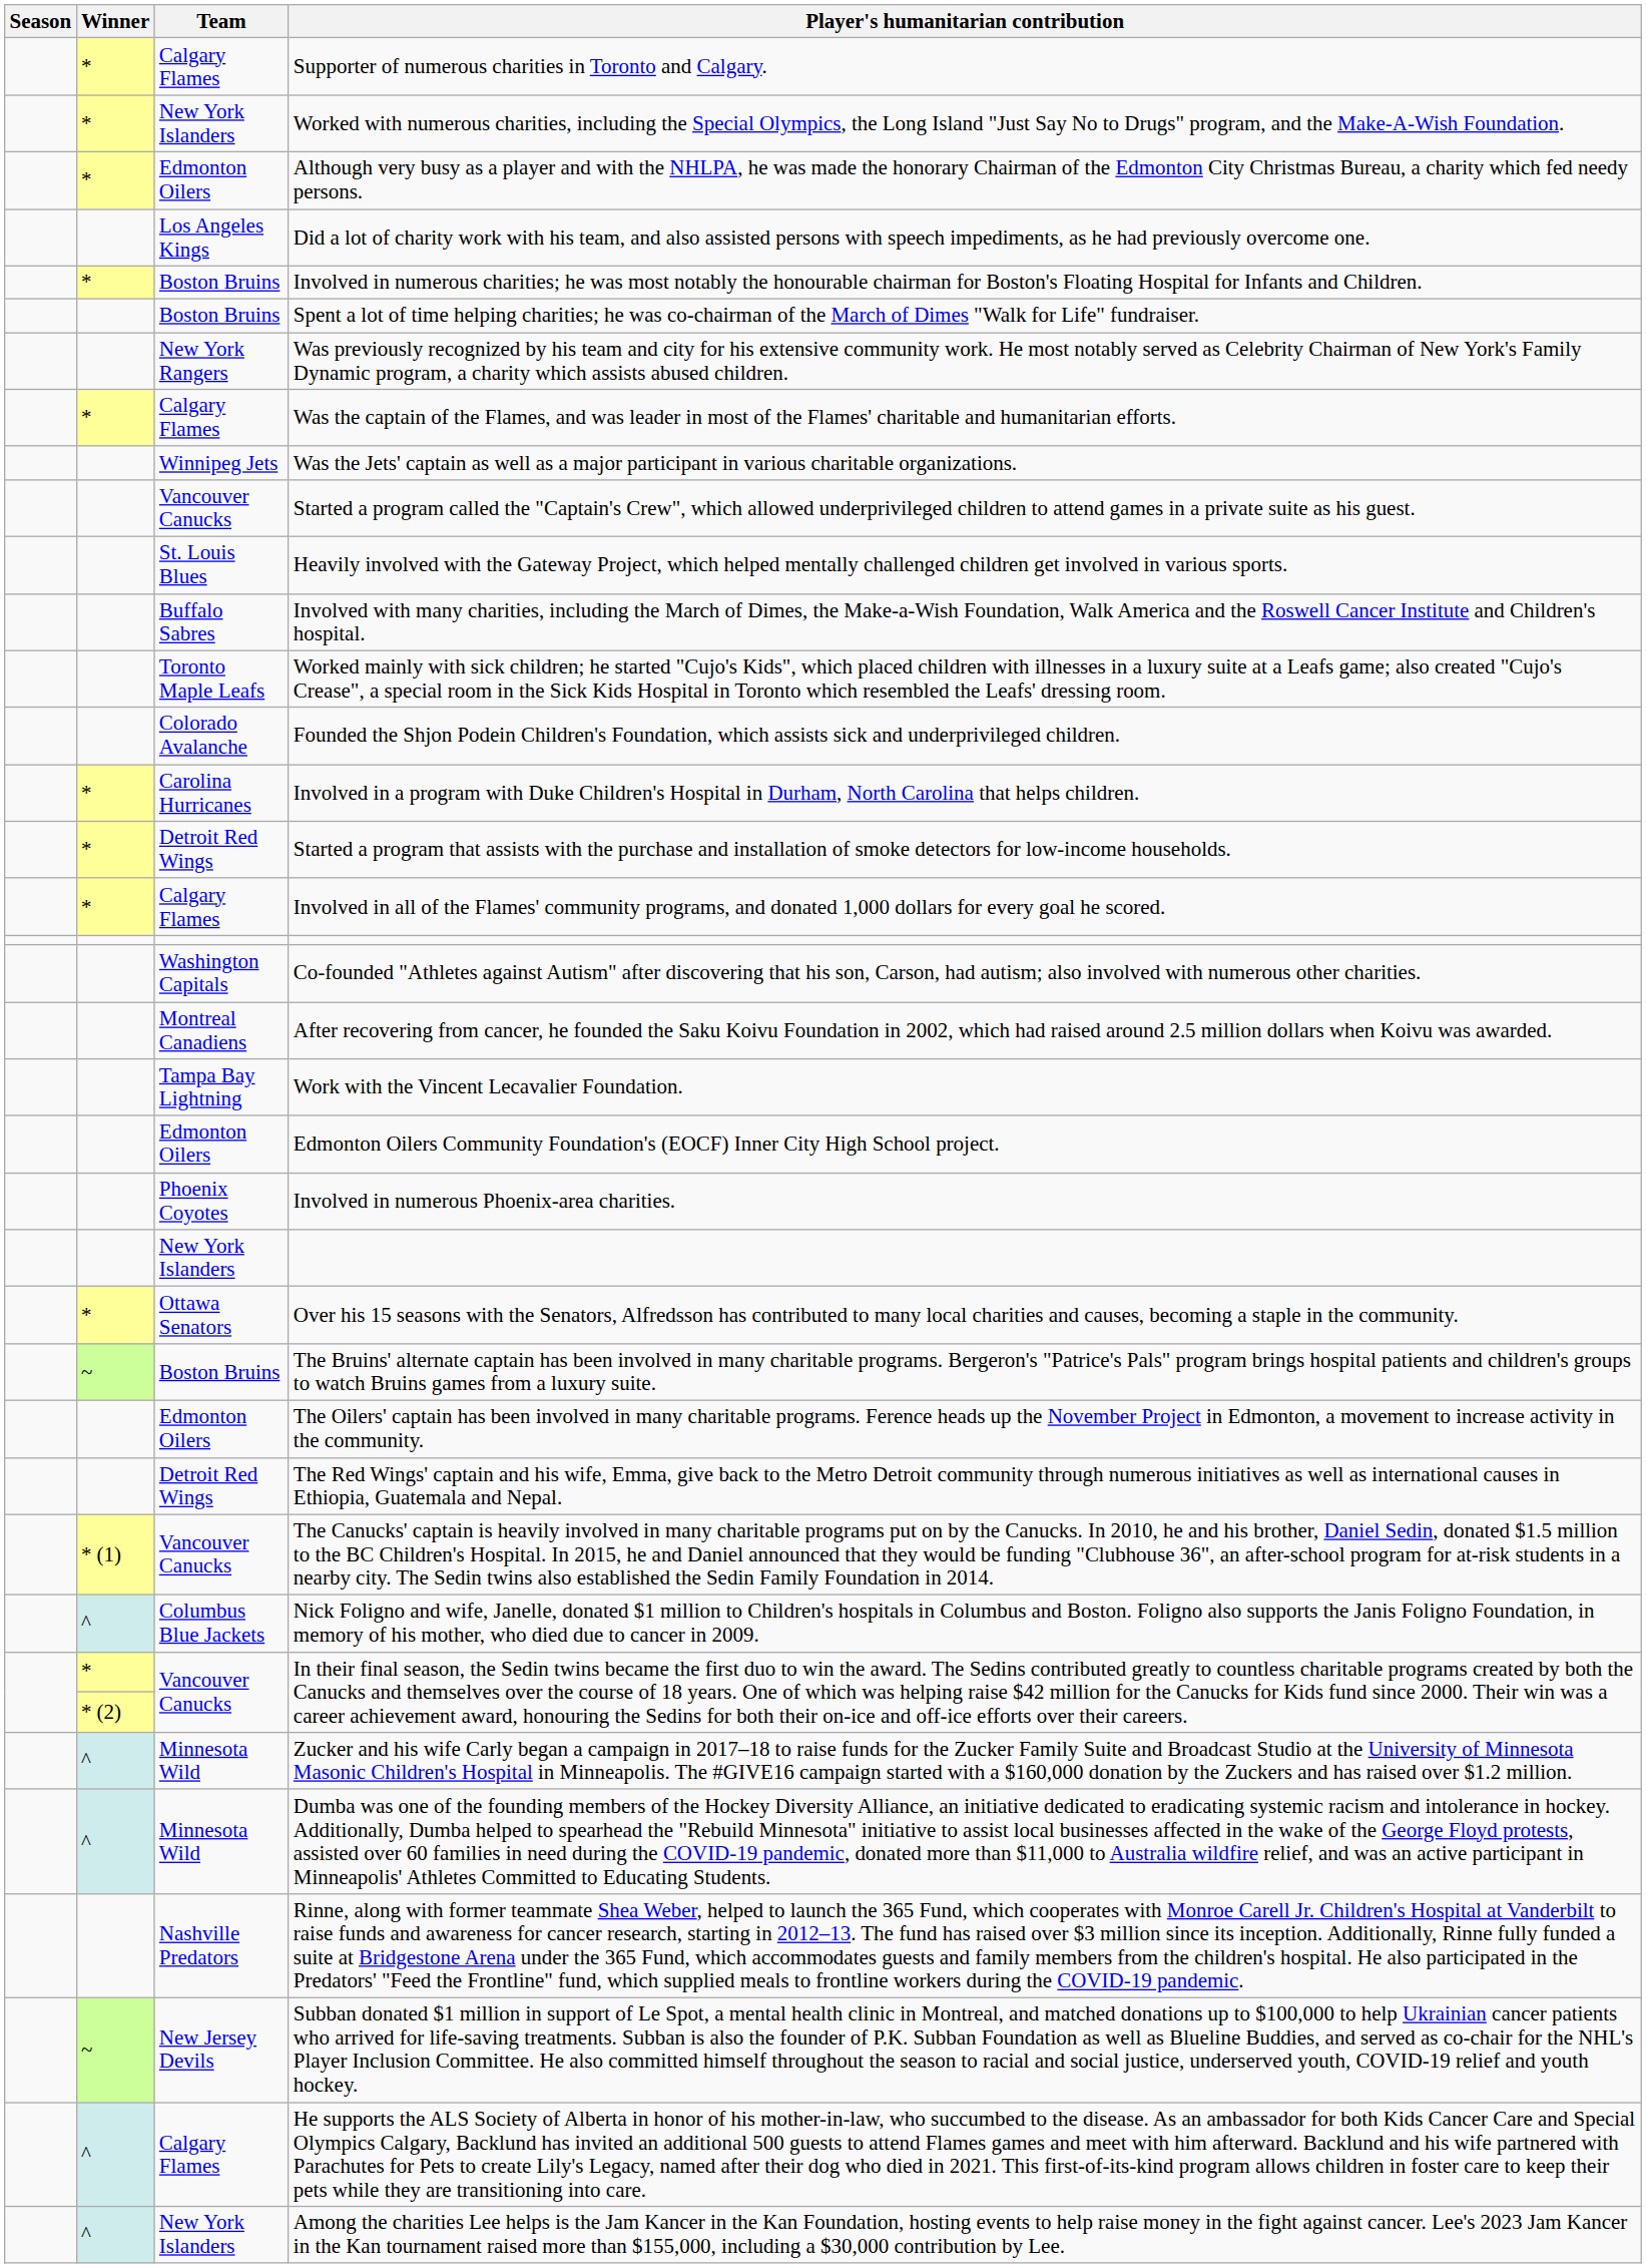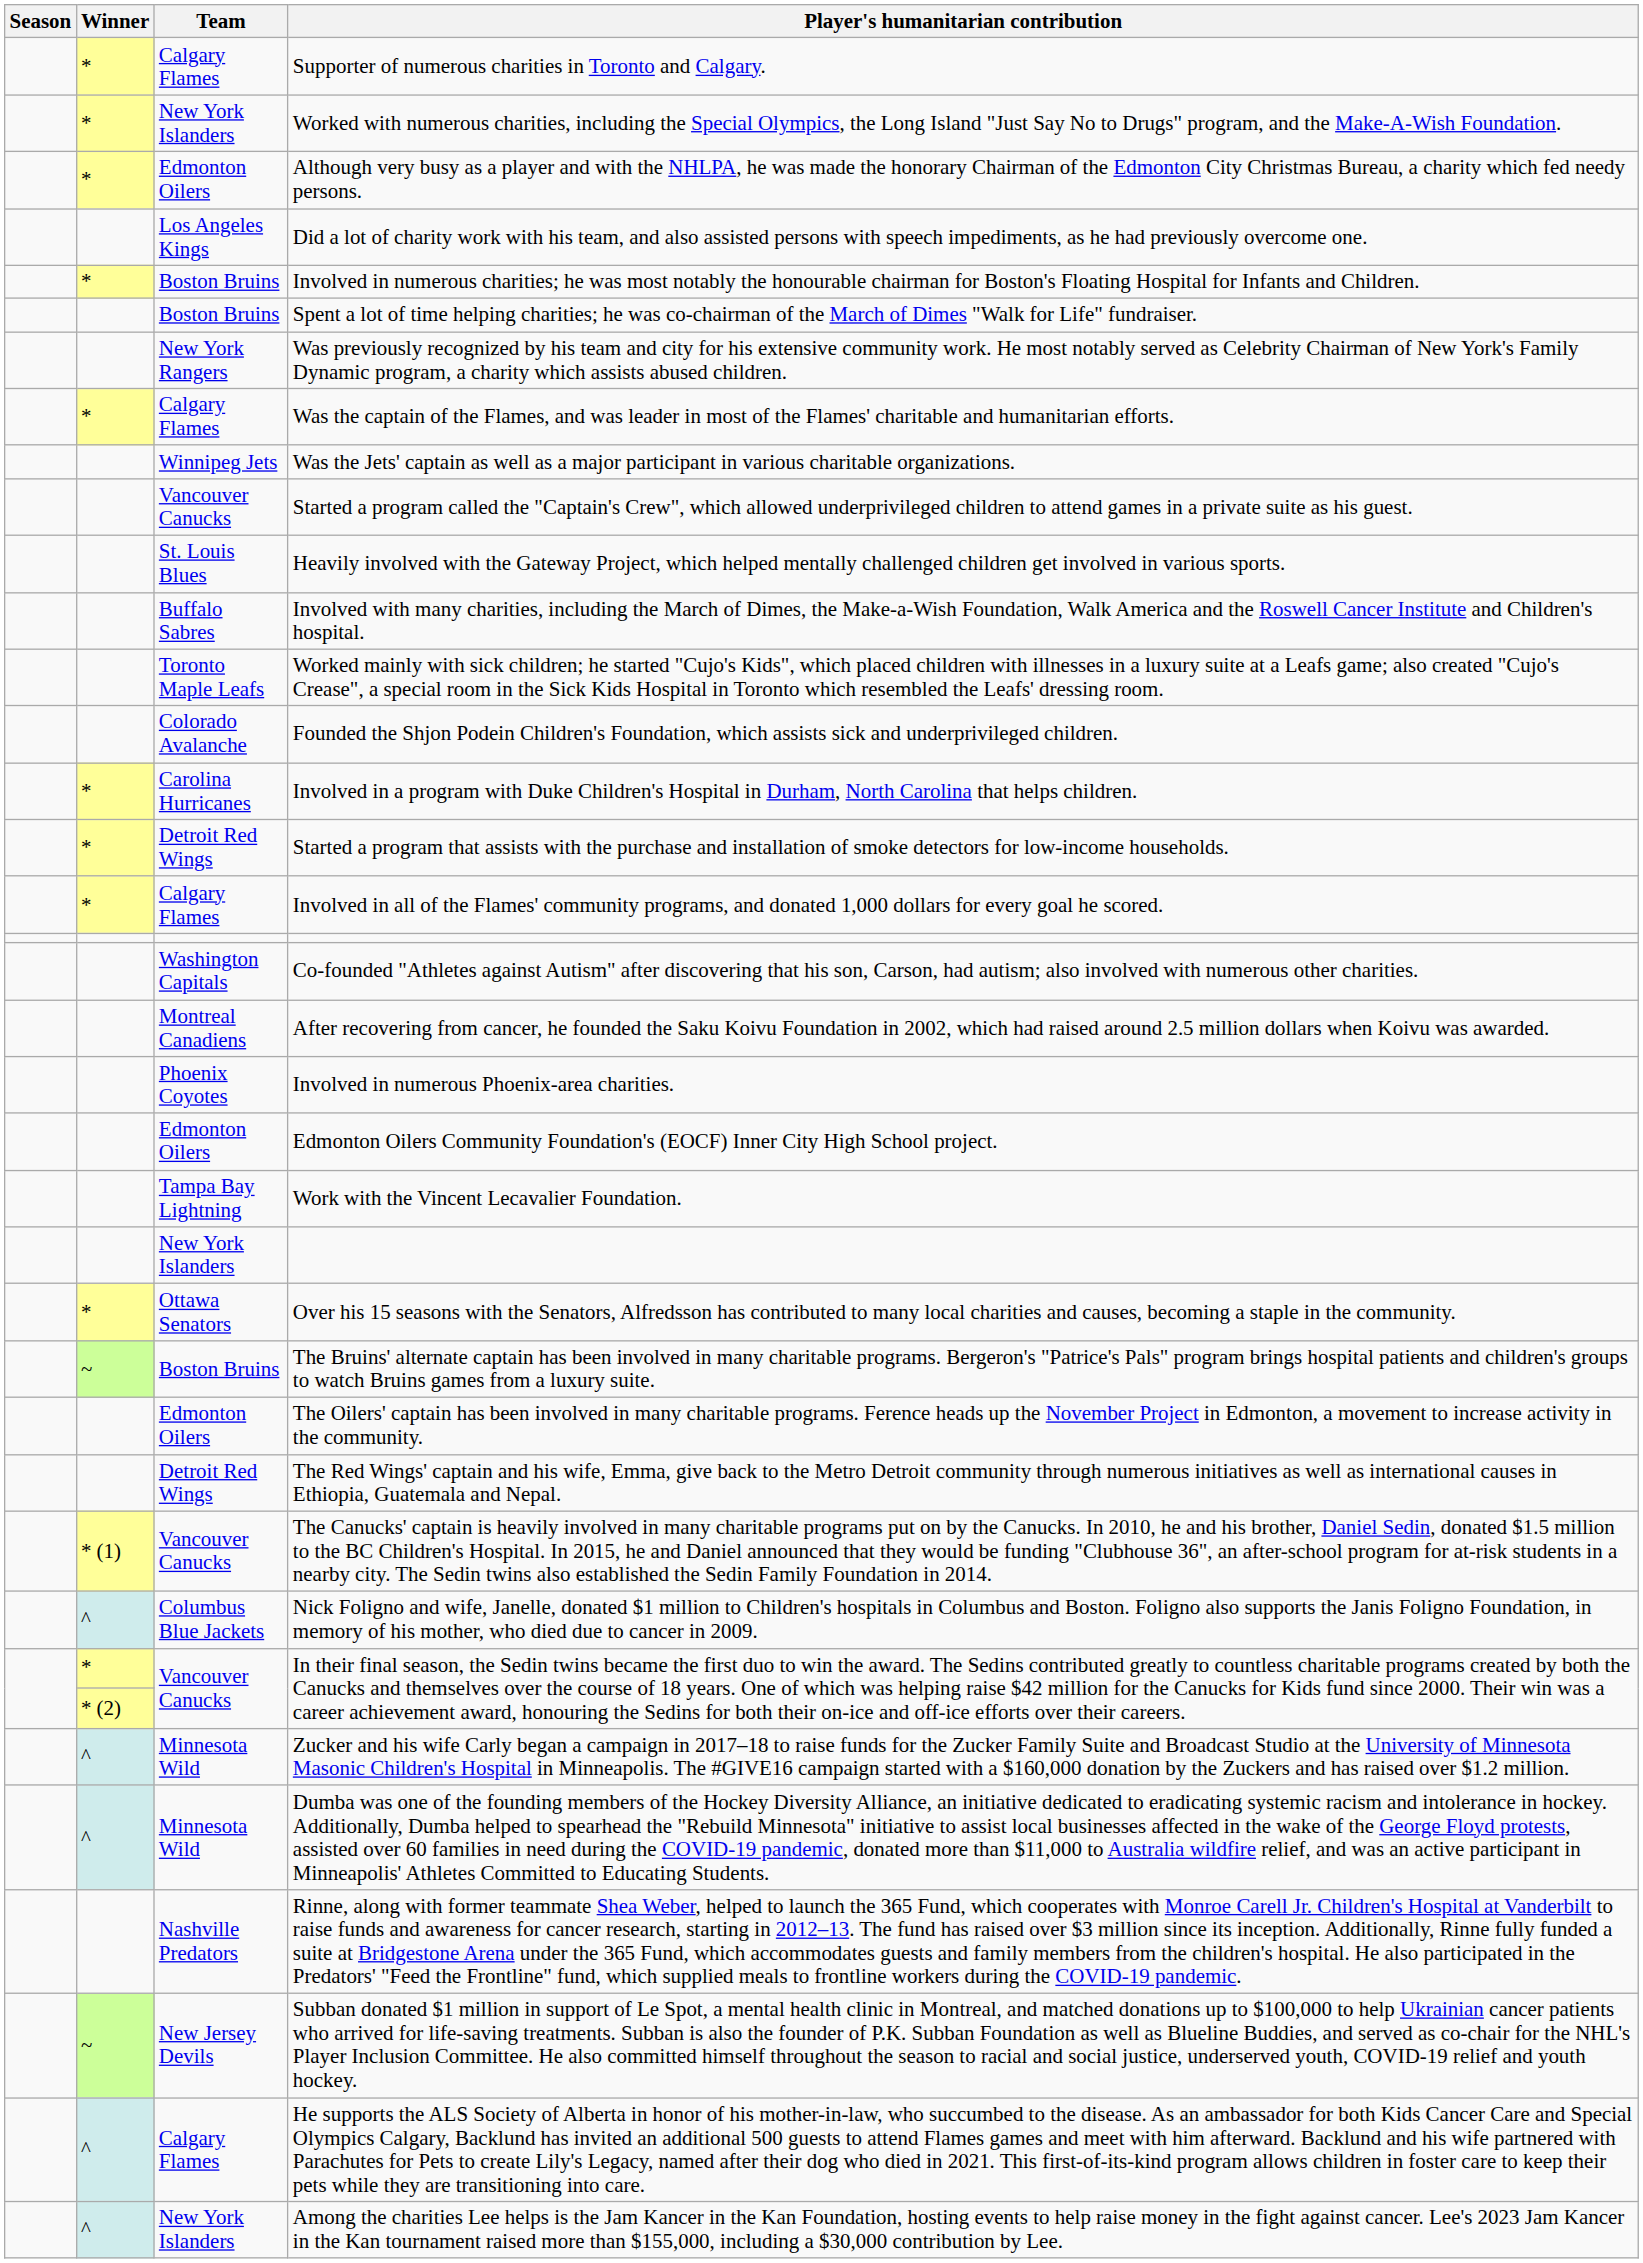 <table class="wikitable sortable">
 <tr>
 <th scope="col">Season</th>
 <th scope="col">Winner</th>
 <th scope="col">Team</th>
 <th scope="col" class="unsortable">Player's humanitarian contribution</th>
 </tr>
 <tr>
 <td></td>
 <td style="background-color:#FFFF99">*</td>
 <td><a href='#'>Calgary Flames</a></td>
 <td>Supporter of numerous charities in <a href='#'>Toronto</a> and <a href='#'>Calgary</a>.</td>
 </tr>
 <tr>
 <td></td>
 <td style="background-color:#FFFF99">*</td>
 <td><a href='#'>New York Islanders</a></td>
 <td>Worked with numerous charities, including the <a href='#'>Special Olympics</a>, the Long Island "Just Say No to Drugs" program, and the <a href='#'>Make-A-Wish Foundation</a>.</td>
 </tr>
 <tr>
 <td></td>
 <td style="background-color:#FFFF99">*</td>
 <td><a href='#'>Edmonton Oilers</a></td>
 <td>Although very busy as a player and with the <a href='#'>NHLPA</a>, he was made the honorary Chairman of the <a href='#'>Edmonton</a> City Christmas Bureau, a charity which fed needy persons.</td>
 </tr>
 <tr>
 <td></td>
 <td></td>
 <td><a href='#'>Los Angeles Kings</a></td>
 <td>Did a lot of charity work with his team, and also assisted persons with speech impediments, as he had previously overcome one.</td>
 </tr>
 <tr>
 <td></td>
 <td style="background-color:#FFFF99">*</td>
 <td><a href='#'>Boston Bruins</a></td>
 <td>Involved in numerous charities; he was most notably the honourable chairman for Boston's Floating Hospital for Infants and Children.</td>
 </tr>
 <tr>
 <td></td>
 <td></td>
 <td><a href='#'>Boston Bruins</a></td>
 <td>Spent a lot of time helping charities; he was co-chairman of the <a href='#'>March of Dimes</a> "Walk for Life" fundraiser.</td>
 </tr>
 <tr>
 <td></td>
 <td></td>
 <td><a href='#'>New York Rangers</a></td>
 <td>Was previously recognized by his team and city for his extensive community work. He most notably served as Celebrity Chairman of New York's Family Dynamic program, a charity which assists abused children.</td>
 </tr>
 <tr>
 <td></td>
 <td style="background-color:#FFFF99">*</td>
 <td><a href='#'>Calgary Flames</a></td>
 <td>Was the captain of the Flames, and was leader in most of the Flames' charitable and humanitarian efforts.</td>
 </tr>
 <tr>
 <td></td>
 <td></td>
 <td><a href='#'>Winnipeg Jets</a></td>
 <td>Was the Jets' captain as well as a major participant in various charitable organizations.</td>
 </tr>
 <tr>
 <td></td>
 <td></td>
 <td><a href='#'>Vancouver Canucks</a></td>
 <td>Started a program called the "Captain's Crew", which allowed underprivileged children to attend games in a private suite as his guest.</td>
 </tr>
 <tr>
 <td></td>
 <td></td>
 <td><a href='#'>St. Louis Blues</a></td>
 <td>Heavily involved with the Gateway Project, which helped mentally challenged children get involved in various sports.</td>
 </tr>
 <tr>
 <td></td>
 <td></td>
 <td><a href='#'>Buffalo Sabres</a></td>
 <td>Involved with many charities, including the March of Dimes, the Make-a-Wish Foundation, Walk America and the <a href='#'>Roswell Cancer Institute</a> and Children's hospital.</td>
 </tr>
 <tr>
 <td></td>
 <td></td>
 <td><a href='#'>Toronto Maple Leafs</a></td>
 <td>Worked mainly with sick children; he started "Cujo's Kids", which placed children with illnesses in a luxury suite at a Leafs game; also created "Cujo's Crease", a special room in the Sick Kids Hospital in Toronto which resembled the Leafs' dressing room.</td>
 </tr>
 <tr>
 <td></td>
 <td></td>
 <td><a href='#'>Colorado Avalanche</a></td>
 <td>Founded the Shjon Podein Children's Foundation, which assists sick and underprivileged children.</td>
 </tr>
 <tr>
 <td></td>
 <td style="background-color:#FFFF99">*</td>
 <td><a href='#'>Carolina Hurricanes</a></td>
 <td>Involved in a program with Duke Children's Hospital in <a href='#'>Durham</a>, <a href='#'>North Carolina</a> that helps children.</td>
 </tr>
 <tr>
 <td></td>
 <td style="background-color:#FFFF99">*</td>
 <td><a href='#'>Detroit Red Wings</a></td>
 <td>Started a program that assists with the purchase and installation of smoke detectors for low-income households.</td>
 </tr>
 <tr>
 <td></td>
 <td style="background-color:#FFFF99">*</td>
 <td><a href='#'>Calgary Flames</a></td>
 <td>Involved in all of the Flames' community programs, and donated 1,000 dollars for every goal he scored.</td>
 </tr>
 <tr>
 <td></td>
 <td></td>
 <td></td>
 <td></td>
 </tr>
 <tr>
 <td></td>
 <td></td>
 <td><a href='#'>Washington Capitals</a></td>
 <td>Co-founded "Athletes against Autism" after discovering that his son, Carson, had autism; also involved with numerous other charities.</td>
 </tr>
 <tr>
 <td></td>
 <td></td>
 <td><a href='#'>Montreal Canadiens</a></td>
 <td>After recovering from cancer, he founded the Saku Koivu Foundation in 2002, which had raised around 2.5 million dollars when Koivu was awarded.</td>
 </tr>
 <tr>
 <td></td>
 <td></td>
-<td><a href='#'>Tampa Bay Lightning</a></td>
-<td>Work with the Vincent Lecavalier Foundation.</td>
+<td><a href='#'>Phoenix Coyotes</a></td>
+<td>Involved in numerous Phoenix-area charities.</td>
 </tr>
 <tr>
 <td></td>
 <td></td>
 <td><a href='#'>Edmonton Oilers</a></td>
 <td>Edmonton Oilers Community Foundation's (EOCF) Inner City High School project.</td>
 </tr>
 <tr>
 <td></td>
 <td></td>
-<td><a href='#'>Phoenix Coyotes</a></td>
-<td>Involved in numerous Phoenix-area charities.</td>
+<td><a href='#'>Tampa Bay Lightning</a></td>
+<td>Work with the Vincent Lecavalier Foundation.</td>
 </tr>
 <tr>
 <td></td>
 <td></td>
 <td><a href='#'>New York Islanders</a></td>
 <td></td>
 </tr>
 <tr>
 <td></td>
 <td style="background-color:#FFFF99">*</td>
 <td><a href='#'>Ottawa Senators</a></td>
 <td>Over his 15 seasons with the Senators, Alfredsson has contributed to many local charities and causes, becoming a staple in the community.</td>
 </tr>
 <tr>
 <td></td>
 <td style="background-color:#CCFF99">~</td>
 <td><a href='#'>Boston Bruins</a></td>
 <td>The Bruins' alternate captain has been involved in many charitable programs. Bergeron's "Patrice's Pals" program brings hospital patients and children's groups to watch Bruins games from a luxury suite.</td>
 </tr>
 <tr>
 <td></td>
 <td></td>
 <td><a href='#'>Edmonton Oilers</a></td>
 <td>The Oilers' captain has been involved in many charitable programs. Ference heads up the <a href='#'>November Project</a> in Edmonton, a movement to increase activity in the community.</td>
 </tr>
 <tr>
 <td></td>
 <td></td>
 <td><a href='#'>Detroit Red Wings</a></td>
 <td>The Red Wings' captain and his wife, Emma, give back to the Metro Detroit community through numerous initiatives as well as international causes in Ethiopia, Guatemala and Nepal.</td>
 </tr>
 <tr>
 <td></td>
 <td style="background-color:#FFFF99">* (1)</td>
 <td><a href='#'>Vancouver Canucks</a></td>
 <td>The Canucks' captain is heavily involved in many charitable programs put on by the Canucks. In 2010, he and his brother, <a href='#'>Daniel Sedin</a>, donated $1.5 million to the BC Children's Hospital. In 2015, he and Daniel announced that they would be funding "Clubhouse 36", an after-school program for at-risk students in a nearby city. The Sedin twins also established the Sedin Family Foundation in 2014.</td>
 </tr>
 <tr>
 <td></td>
 <td style="background-color:#CFECEC">^</td>
 <td><a href='#'>Columbus Blue Jackets</a></td>
 <td>Nick Foligno and wife, Janelle, donated $1 million to Children's hospitals in Columbus and Boston. Foligno also supports the Janis Foligno Foundation, in memory of his mother, who died due to cancer in 2009.</td>
 </tr>
 <tr>
 <td rowspan=2></td>
 <td style="background-color:#FFFF99">*</td>
 <td rowspan=2><a href='#'>Vancouver Canucks</a></td>
 <td rowspan=2>In their final season, the Sedin twins became the first duo to win the award. The Sedins contributed greatly to countless charitable programs created by both the Canucks and themselves over the course of 18 years. One of which was helping raise $42 million for the Canucks for Kids fund since 2000. Their win was a career achievement award, honouring the Sedins for both their on-ice and off-ice efforts over their careers.</td>
 </tr>
 <tr>
 <td style="background-color:#FFFF99">* (2)</td>
 </tr>
 <tr>
 <td></td>
 <td style="background-color:#CFECEC">^</td>
 <td><a href='#'>Minnesota Wild</a></td>
 <td>Zucker and his wife Carly began a campaign in 2017–18 to raise funds for the Zucker Family Suite and Broadcast Studio at the <a href='#'>University of Minnesota Masonic Children's Hospital</a> in Minneapolis. The #GIVE16 campaign started with a $160,000 donation by the Zuckers and has raised over $1.2 million.</td>
 </tr>
 <tr \>
 <td></td>
 <td style="background-color:#CFECEC">^</td>
 <td><a href='#'>Minnesota Wild</a></td>
 <td>Dumba was one of the founding members of the Hockey Diversity Alliance, an initiative dedicated to eradicating systemic racism and intolerance in hockey. Additionally, Dumba helped to spearhead the "Rebuild Minnesota" initiative to assist local businesses affected in the wake of the <a href='#'>George Floyd protests</a>, assisted over 60 families in need during the <a href='#'>COVID-19 pandemic</a>, donated more than $11,000 to <a href='#'>Australia wildfire</a> relief, and was an active participant in Minneapolis' Athletes Committed to Educating Students.</td>
 </tr>
 <tr>
 <td></td>
 <td></td>
 <td><a href='#'>Nashville Predators</a></td>
 <td>Rinne, along with former teammate <a href='#'>Shea Weber</a>, helped to launch the 365 Fund, which cooperates with <a href='#'>Monroe Carell Jr. Children's Hospital at Vanderbilt</a> to raise funds and awareness for cancer research, starting in <a href='#'>2012–13</a>. The fund has raised over $3 million since its inception. Additionally, Rinne fully funded a suite at <a href='#'>Bridgestone Arena</a> under the 365 Fund, which accommodates guests and family members from the children's hospital. He also participated in the Predators' "Feed the Frontline" fund, which supplied meals to frontline workers during the <a href='#'>COVID-19 pandemic</a>.</td>
 </tr>
 <tr>
 <td></td>
 <td style="background-color:#CCFF99">~</td>
 <td><a href='#'>New Jersey Devils</a></td>
 <td>Subban donated $1 million in support of Le Spot, a mental health clinic in Montreal, and matched donations up to $100,000 to help <a href='#'>Ukrainian</a> cancer patients who arrived for life-saving treatments. Subban is also the founder of P.K. Subban Foundation as well as Blueline Buddies, and served as co-chair for the NHL's Player Inclusion Committee. He also committed himself throughout the season to racial and social justice, underserved youth, COVID-19 relief and youth hockey.</td>
 </tr>
 <tr>
 <td></td>
 <td style="background-color:#CFECEC">^</td>
 <td><a href='#'>Calgary Flames</a></td>
 <td>He supports the ALS Society of Alberta in honor of his mother-in-law, who succumbed to the disease. As an ambassador for both Kids Cancer Care and Special Olympics Calgary, Backlund has invited an additional 500 guests to attend Flames games and meet with him afterward. Backlund and his wife partnered with Parachutes for Pets to create Lily's Legacy, named after their dog who died in 2021. This first-of-its-kind program allows children in foster care to keep their pets while they are transitioning into care.</td>
 </tr>
 <tr>
 <td></td>
 <td style="background-color:#CFECEC">^</td>
 <td><a href='#'>New York Islanders</a></td>
 <td>Among the charities Lee helps is the Jam Kancer in the Kan Foundation, hosting events to help raise money in the fight against cancer. Lee's 2023 Jam Kancer in the Kan tournament raised more than $155,000, including a $30,000 contribution by Lee.</td>
 </tr>
 </table>
